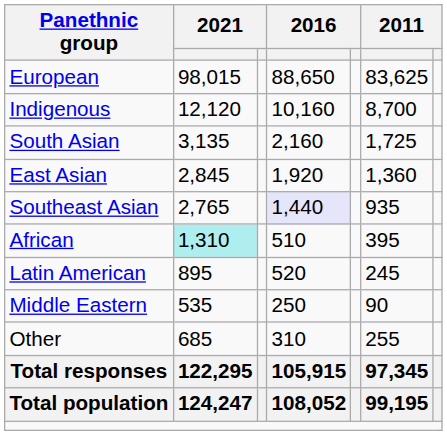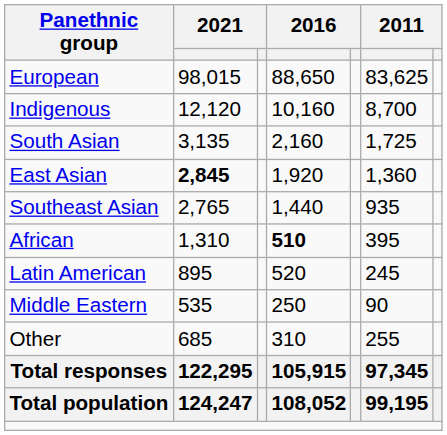 <table class="wikitable collapsible sortable">
 <tr>
 <th rowspan="2"><a href='#'>Panethnic</a><br>group</th>
 <th colspan="2">2021</th>
 <th colspan="2">2016</th>
 <th colspan="2">2011</th>
 </tr>
 <tr>
 <th><a href='#'></a></th>
 <th></th>
 <th></th>
 <th></th>
 <th></th>
 <th></th>
 </tr>
 <tr>
 <td><a href='#'>European</a></td>
 <td>98,015</td>
 <td></td>
 <td>88,650</td>
 <td></td>
 <td>83,625</td>
 <td></td>
 </tr>
 <tr>
 <td><a href='#'>Indigenous</a></td>
 <td>12,120</td>
 <td></td>
 <td>10,160</td>
 <td></td>
 <td>8,700</td>
 <td></td>
 </tr>
 <tr>
 <td><a href='#'>South Asian</a></td>
 <td>3,135</td>
 <td></td>
 <td>2,160</td>
 <td></td>
 <td>1,725</td>
 <td></td>
 </tr>
 <tr>
 <td><a href='#'>East Asian</a></td>
-<td>2,845</td>
+<td><strong>2,845</strong></td>
 <td></td>
 <td>1,920</td>
 <td></td>
 <td>1,360</td>
 <td></td>
 </tr>
 <tr>
 <td><a href='#'>Southeast Asian</a></td>
 <td>2,765</td>
 <td></td>
-<td style="background: lavender;">1,440</td>
+<td>1,440</td>
 <td></td>
 <td>935</td>
 <td></td>
 </tr>
 <tr>
 <td><a href='#'>African</a></td>
-<td style="background: paleturquoise;">1,310</td>
+<td>1,310</td>
 <td></td>
-<td>510</td>
+<td><strong>510</strong></td>
 <td></td>
 <td>395</td>
 <td></td>
 </tr>
 <tr>
 <td><a href='#'>Latin American</a></td>
 <td>895</td>
 <td></td>
 <td>520</td>
 <td></td>
 <td>245</td>
 <td></td>
 </tr>
 <tr>
 <td><a href='#'>Middle Eastern</a></td>
 <td>535</td>
 <td></td>
 <td>250</td>
 <td></td>
 <td>90</td>
 <td></td>
 </tr>
 <tr>
 <td>Other</td>
 <td>685</td>
 <td></td>
 <td>310</td>
 <td></td>
 <td>255</td>
 <td></td>
 </tr>
 <tr>
 <th>Total responses</th>
 <th>122,295</th>
 <th></th>
 <th>105,915</th>
 <th></th>
 <th>97,345</th>
 <th></th>
 </tr>
 <tr>
 <th>Total population</th>
 <th>124,247</th>
 <th></th>
 <th>108,052</th>
 <th></th>
 <th>99,195</th>
 <th></th>
 </tr>
 <tr class="sortbottom">
 <td colspan="15"></td>
 </tr>
 </table>
